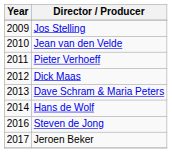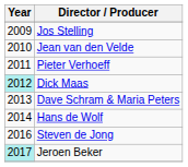 <table class="wikitable">
 <tr>
 <th>Year</th>
 <th>Director / Producer</th>
 </tr>
 <tr>
 </tr>
 <tr>
 <td>2009</td>
 <td><a href='#'>Jos Stelling</a></td>
 </tr>
 <tr>
 <td>2010</td>
 <td><a href='#'>Jean van den Velde</a></td>
 </tr>
 <tr>
 <td>2011</td>
 <td><a href='#'>Pieter Verhoeff</a></td>
 </tr>
 <tr>
-<td>2012</td>
+<td style="background: paleturquoise;">2012</td>
 <td><a href='#'>Dick Maas</a></td>
 </tr>
 <tr>
 <td>2013</td>
 <td><a href='#'>Dave Schram & Maria Peters</a></td>
 </tr>
 <tr>
 <td>2014</td>
 <td><a href='#'>Hans de Wolf</a></td>
 </tr>
 <tr>
 <td>2016</td>
 <td><a href='#'>Steven de Jong</a></td>
 </tr>
 <tr>
-<td>2017</td>
+<td style="background: paleturquoise;">2017</td>
 <td>Jeroen Beker</td>
 </tr>
 <tr>
 </tr>
 </table>
